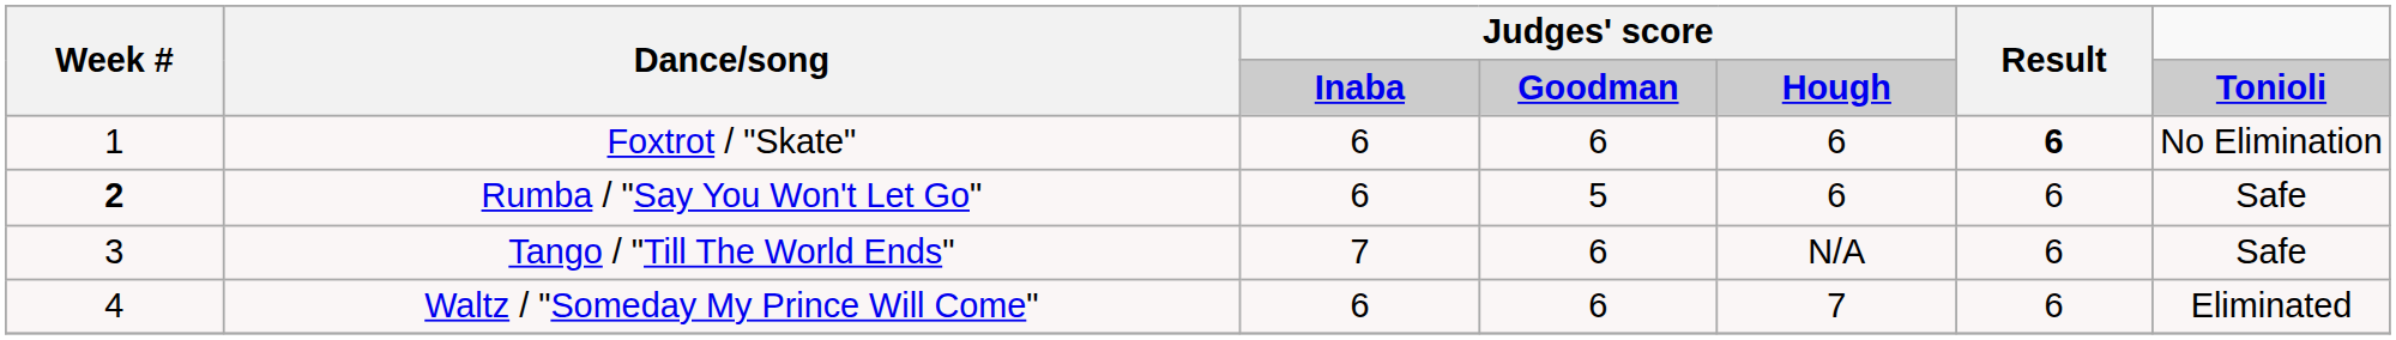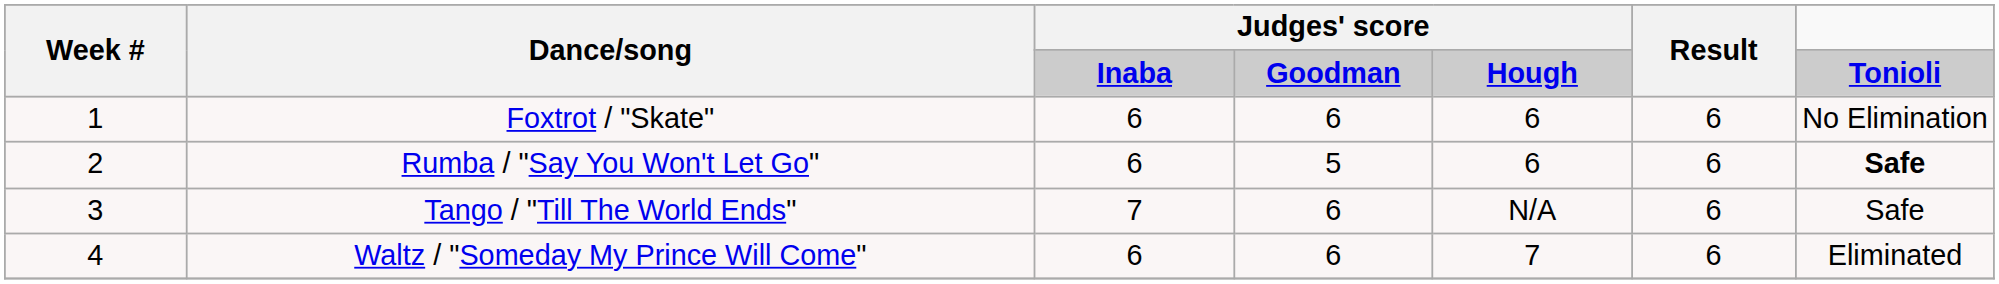 <table class="wikitable collapsible collapsed">
 <tr style="text-align: center; background:#ccc;">
 <th rowspan="2">Week #</th>
 <th rowspan="2">Dance/song</th>
 <th colspan="3">Judges' score</th>
 <th rowspan="2">Result</th>
 </tr>
 <tr style="text-align: center; background:#ccc;">
 <td style="width:10%; "><strong><a href='#'>Inaba</a></strong></td>
 <td style="width:10%; "><strong><a href='#'>Goodman</a></strong></td>
 <td style="width:10%; "><strong><a href='#'>Hough</a></strong></td>
 <td style="width:10%; "><strong><a href='#'>Tonioli</a></strong></td>
 </tr>
 <tr>
 <td align="center" bgcolor="FAF6F6">1</td>
 <td align="center" bgcolor="FAF6F6"><a href='#'>Foxtrot</a> / "Skate"</td>
 <td align="center" bgcolor="FAF6F6">6</td>
 <td align="center" bgcolor="FAF6F6">6</td>
 <td align="center" bgcolor="FAF6F6">6</td>
-<td align="center" bgcolor="FAF6F6"><strong>6</strong></td>
+<td align="center" bgcolor="FAF6F6">6</td>
 <td align="center" bgcolor="FAF6F6">No Elimination</td>
 </tr>
 <tr>
-<td align="center" bgcolor="FAF6F6"><strong>2</strong></td>
+<td align="center" bgcolor="FAF6F6">2</td>
 <td align="center" bgcolor="FAF6F6"><a href='#'>Rumba</a> / "<a href='#'>Say You Won't Let Go</a>"</td>
 <td align="center" bgcolor="FAF6F6">6</td>
 <td align="center" bgcolor="FAF6F6">5</td>
 <td align="center" bgcolor="FAF6F6">6</td>
 <td align="center" bgcolor="FAF6F6">6</td>
-<td align="center" bgcolor="FAF6F6">Safe</td>
+<td align="center" bgcolor="FAF6F6"><strong>Safe</strong></td>
 </tr>
 <tr>
 <td align="center" bgcolor="FAF6F6">3</td>
 <td align="center" bgcolor="FAF6F6"><a href='#'>Tango</a> / "<a href='#'>Till The World Ends</a>"</td>
 <td align="center" bgcolor="FAF6F6">7</td>
 <td align="center" bgcolor="FAF6F6">6</td>
 <td align="center" bgcolor="FAF6F6">N/A</td>
 <td align="center" bgcolor="FAF6F6">6</td>
 <td align="center" bgcolor="FAF6F6">Safe</td>
 </tr>
 <tr>
 <td align="center" bgcolor="FAF6F6">4</td>
 <td align="center" bgcolor="FAF6F6"><a href='#'>Waltz</a> / "<a href='#'>Someday My Prince Will Come</a>"</td>
 <td align="center" bgcolor="FAF6F6">6</td>
 <td align="center" bgcolor="FAF6F6">6</td>
 <td align="center" bgcolor="FAF6F6">7</td>
 <td align="center" bgcolor="FAF6F6">6</td>
 <td align="center" bgcolor="FAF6F6">Eliminated</td>
 </tr>
 <tr>
 </tr>
 </table>
